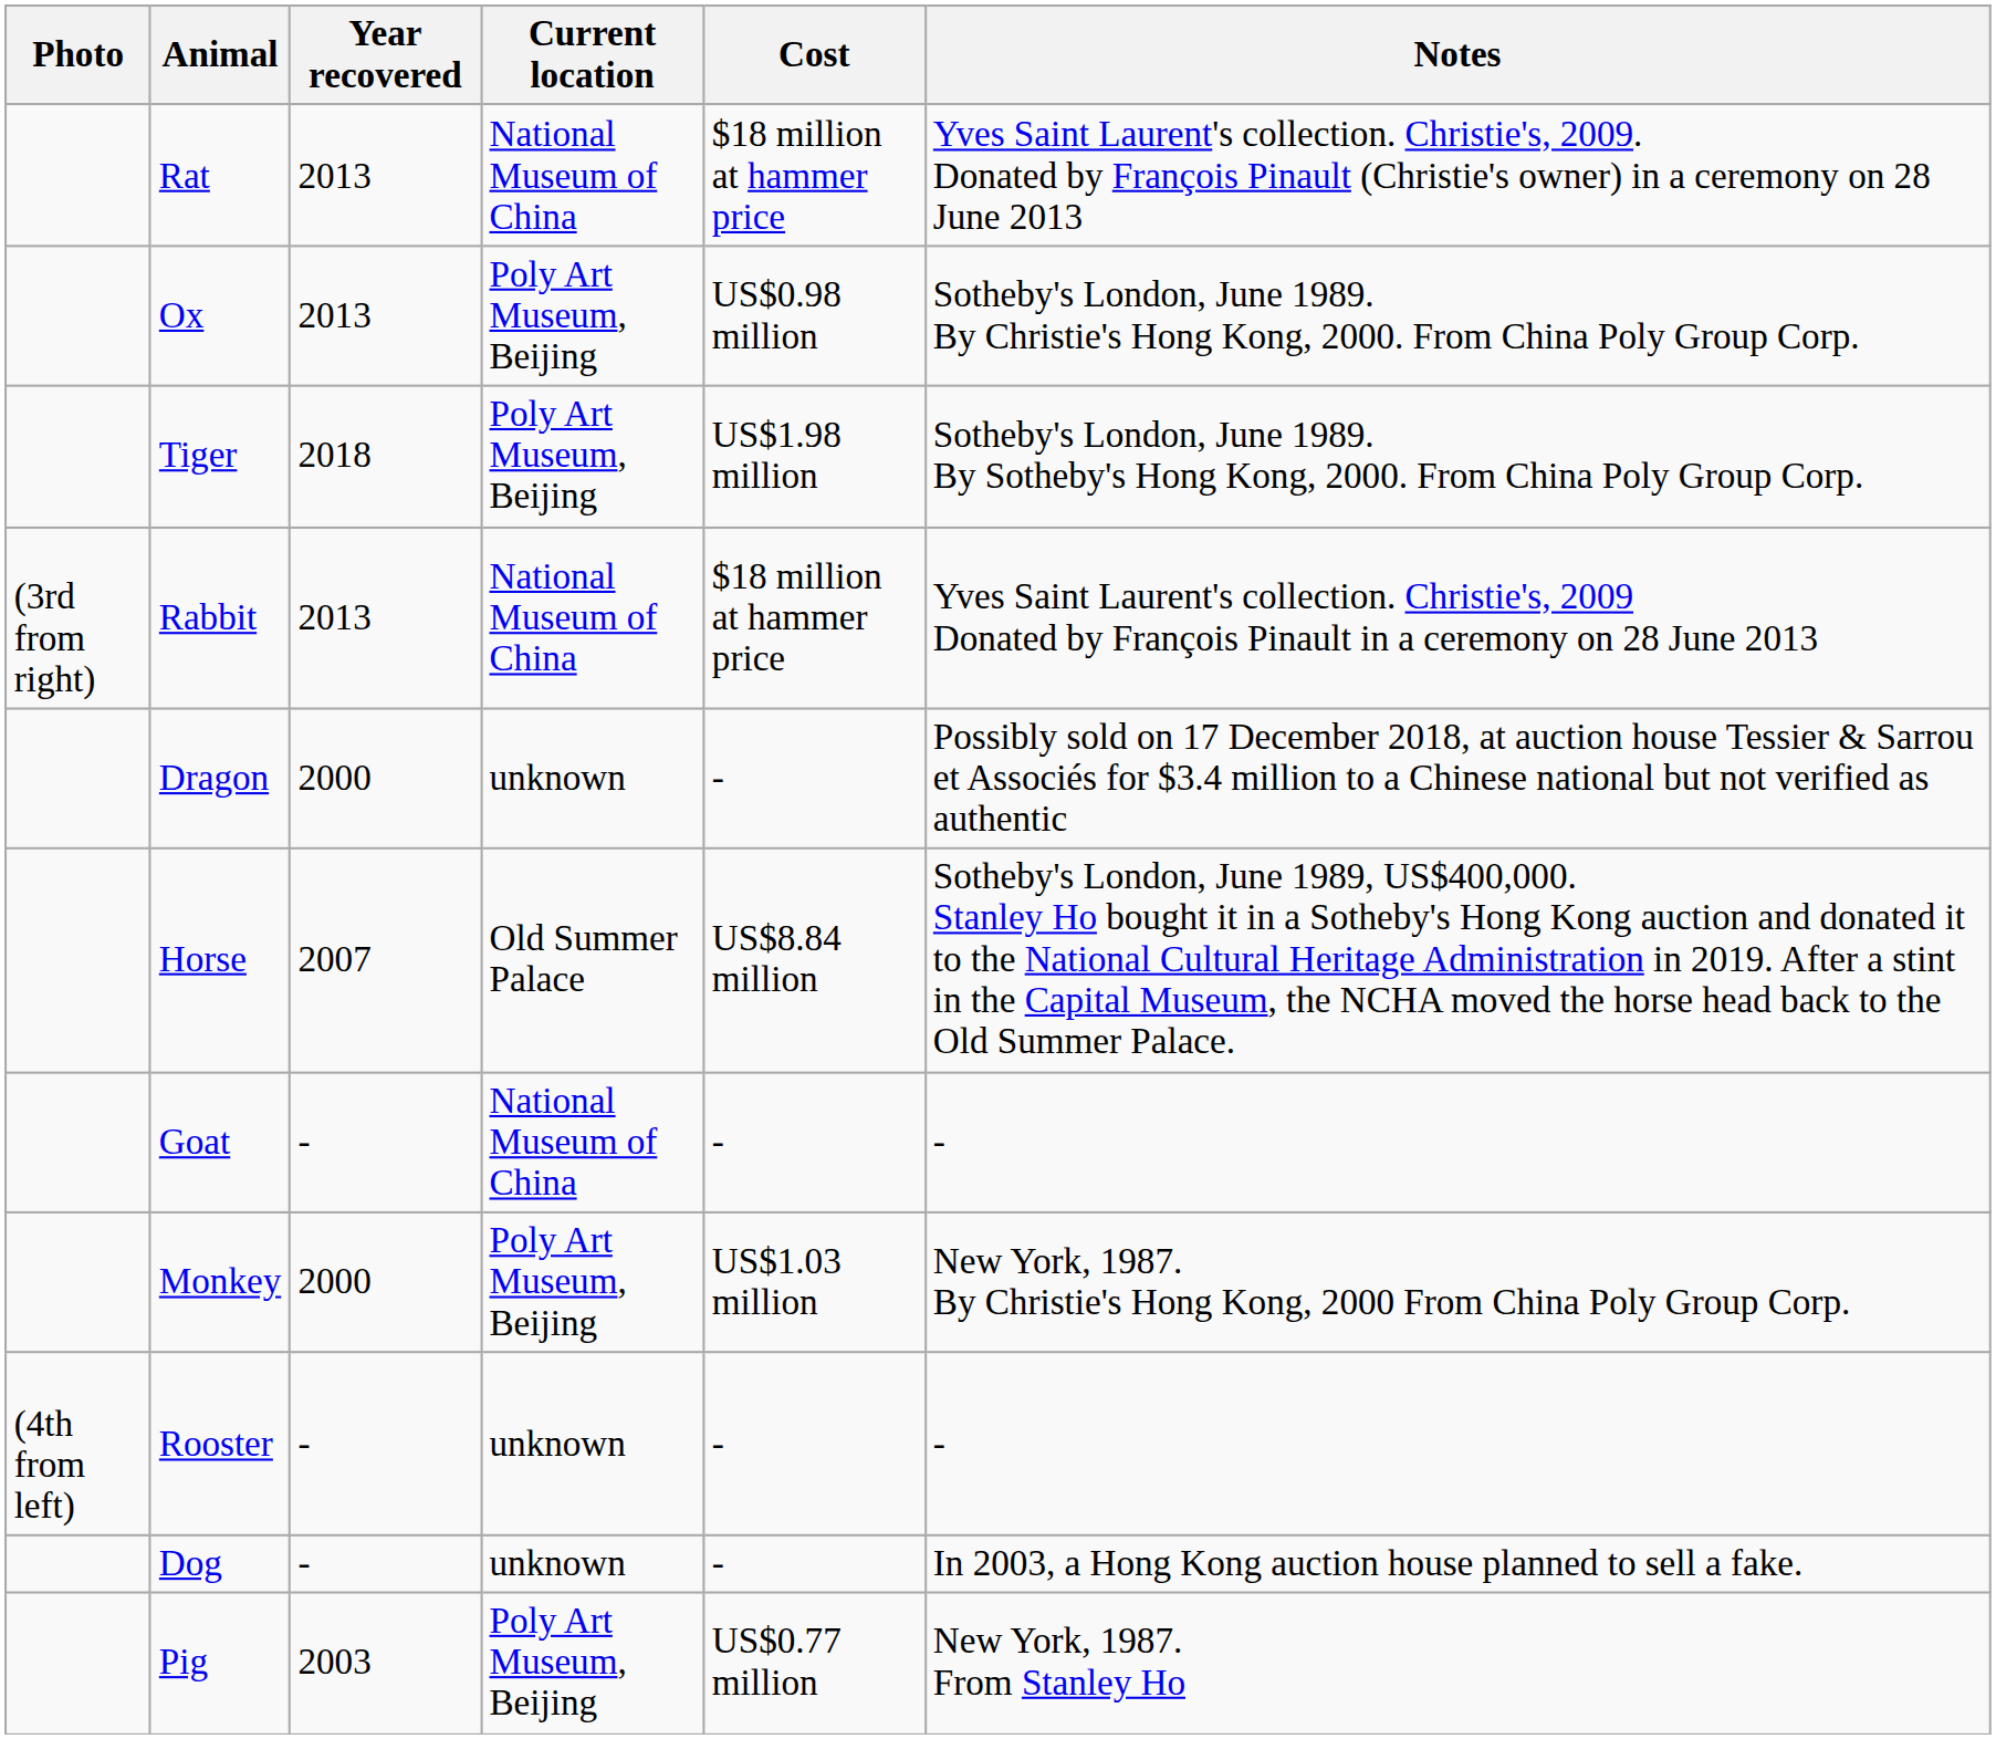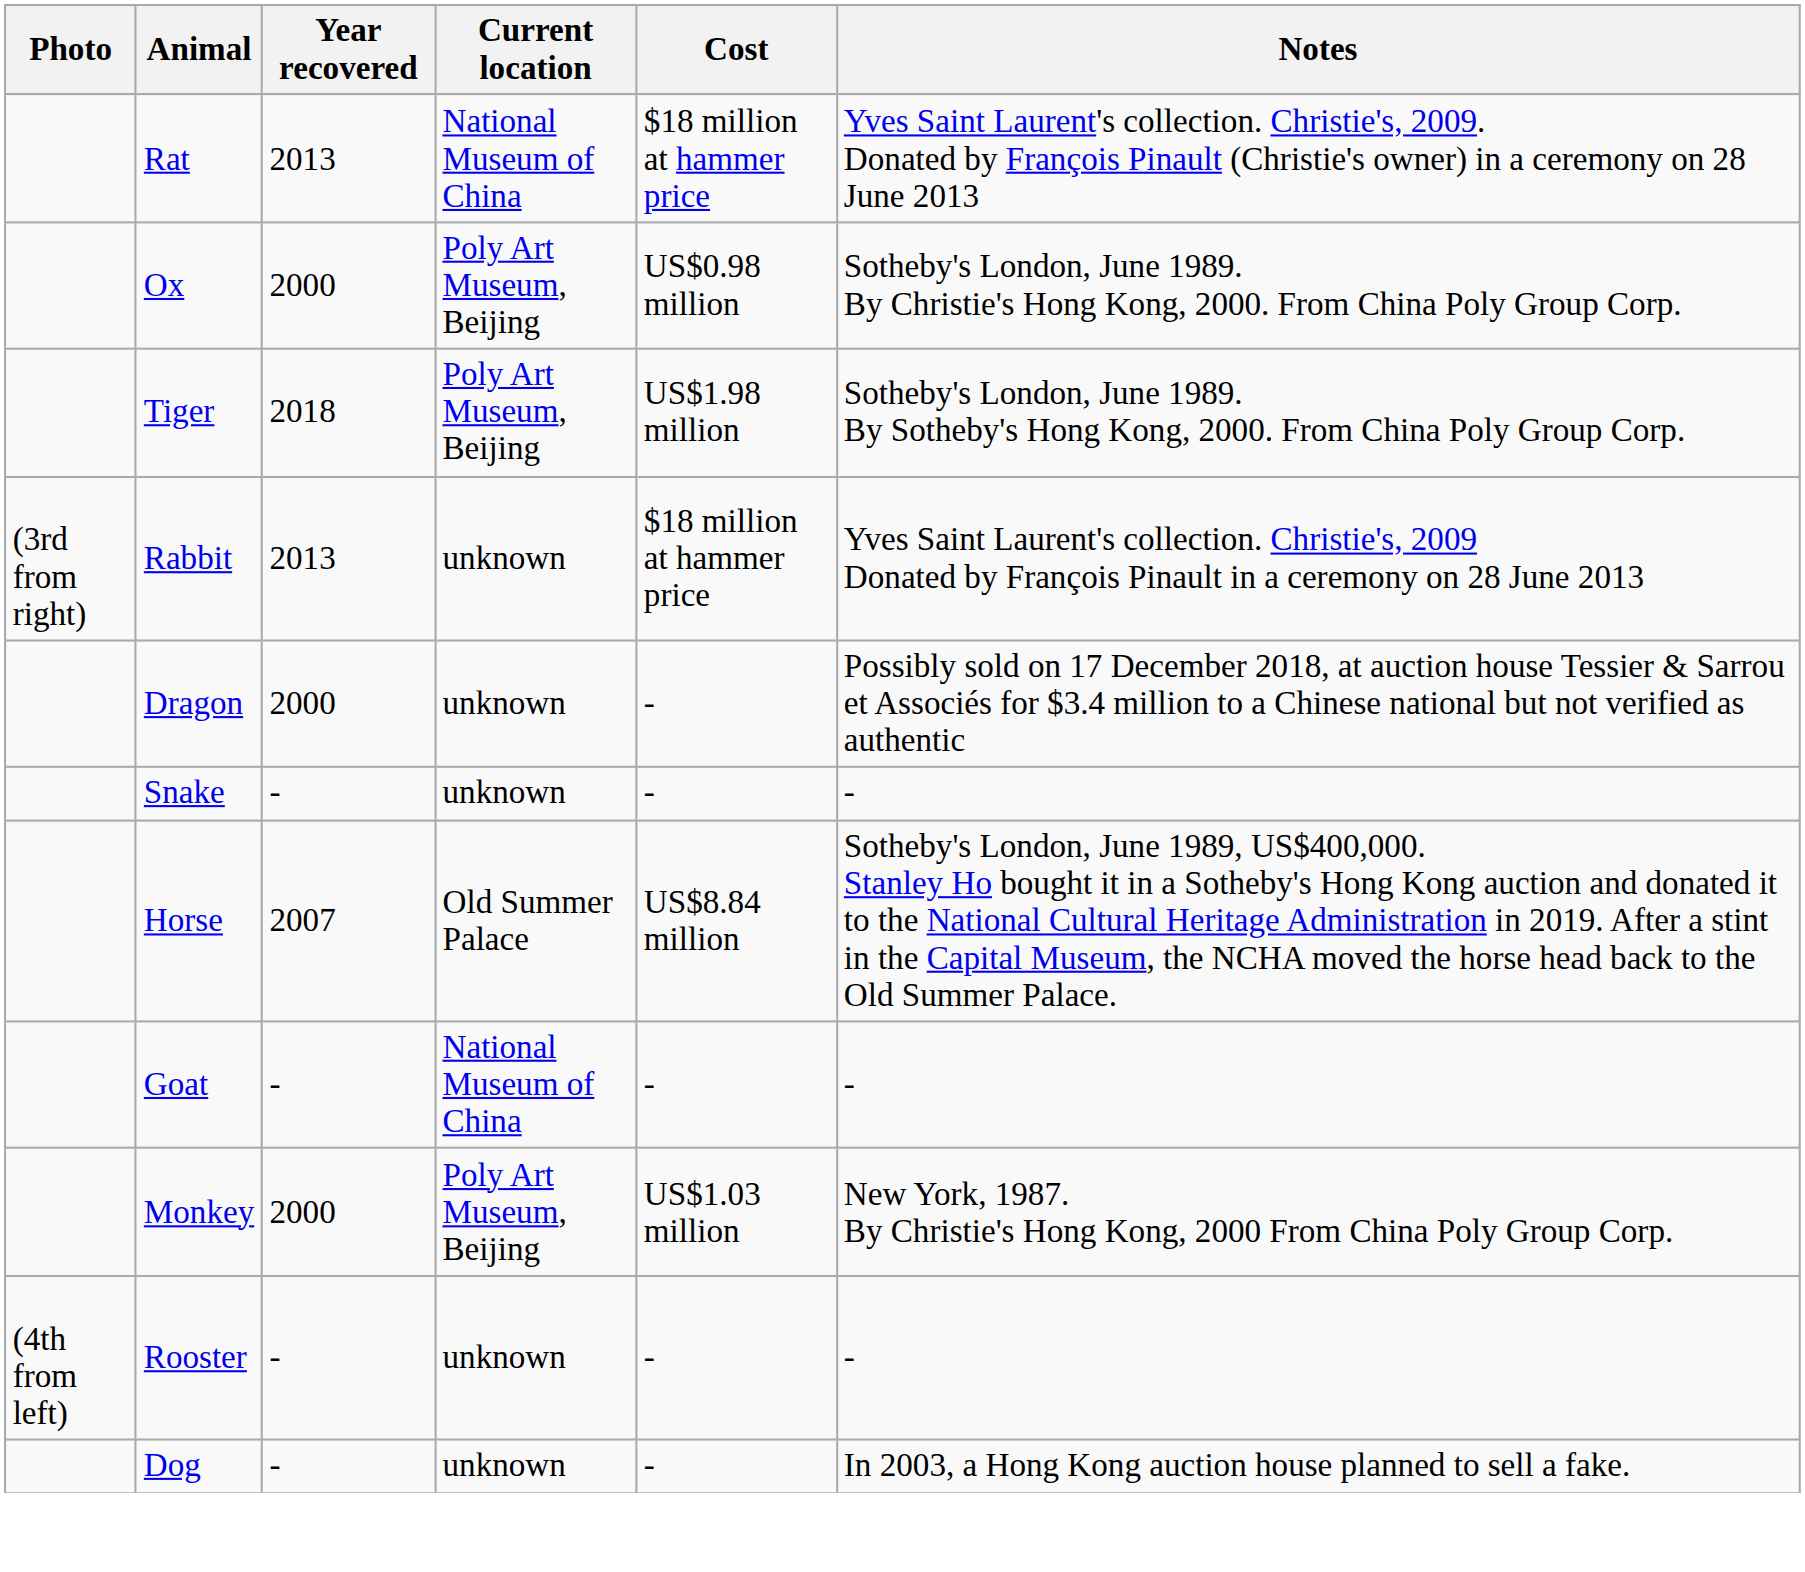 <table class="wikitable sortable">
 <tr>
 <th>Photo</th>
 <th>Animal</th>
 <th>Year recovered</th>
 <th>Current location</th>
 <th>Cost</th>
 <th>Notes</th>
 </tr>
 <tr>
 <td></td>
 <td><a href='#'>Rat</a></td>
 <td>2013</td>
 <td><a href='#'>National Museum of China</a></td>
 <td>$18 million at <a href='#'>hammer price</a></td>
 <td><a href='#'>Yves Saint Laurent</a>'s collection. <a href='#'>Christie's, 2009</a>.<br>Donated by <a href='#'>François Pinault</a> (Christie's owner) in a ceremony on 28 June 2013</td>
 </tr>
 <tr>
 <td></td>
 <td><a href='#'>Ox</a></td>
-<td>2013</td>
+<td>2000</td>
 <td><a href='#'>Poly Art Museum</a>, Beijing</td>
 <td>US$0.98 million</td>
 <td>Sotheby's London, June 1989.<br>By Christie's Hong Kong, 2000. From China Poly Group Corp.</td>
 </tr>
 <tr>
 <td></td>
 <td><a href='#'>Tiger</a></td>
 <td>2018</td>
 <td><a href='#'>Poly Art Museum</a>, Beijing</td>
 <td>US$1.98 million</td>
 <td>Sotheby's London, June 1989.<br>By Sotheby's Hong Kong, 2000. From 	China Poly Group Corp.</td>
 </tr>
 <tr>
 <td><br>(3rd from right)</td>
 <td><a href='#'>Rabbit</a></td>
 <td>2013</td>
-<td><a href='#'>National Museum of China</a></td>
+<td>unknown</td>
 <td>$18 million at hammer price</td>
 <td>Yves Saint Laurent's collection. <a href='#'>Christie's, 2009</a><br>Donated by François Pinault in a ceremony on 28 June 2013</td>
 </tr>
 <tr>
 <td></td>
 <td><a href='#'>Dragon</a></td>
 <td>2000</td>
 <td>unknown</td>
 <td>-</td>
 <td>Possibly sold on 17 December 2018, at auction house Tessier & Sarrou et Associés for $3.4 million to a Chinese national but not verified as authentic</td>
+</tr>
+<tr>
+<td></td>
+<td><a href='#'>Snake</a></td>
+<td>-</td>
+<td>unknown</td>
+<td>-</td>
+<td>-</td>
 </tr>
 <tr>
 <td></td>
 <td><a href='#'>Horse</a></td>
 <td>2007</td>
 <td>Old Summer Palace</td>
 <td>US$8.84 million</td>
 <td>Sotheby's London, June 1989, US$400,000.<br><a href='#'>Stanley Ho</a> bought it in a Sotheby's Hong Kong auction and donated it to the <a href='#'>National Cultural Heritage Administration</a> in 2019. After a stint in the <a href='#'>Capital Museum</a>, the NCHA moved the horse head back to the Old Summer Palace.</td>
 </tr>
 <tr>
 <td></td>
 <td><a href='#'>Goat</a></td>
 <td>-</td>
 <td><a href='#'>National Museum of China</a></td>
 <td>-</td>
 <td>-</td>
 </tr>
 <tr>
 <td></td>
 <td><a href='#'>Monkey</a></td>
 <td>2000</td>
 <td><a href='#'>Poly Art Museum</a>, Beijing</td>
 <td>US$1.03 million</td>
 <td>New York, 1987.<br>By Christie's Hong Kong, 2000 From 	China Poly Group Corp.</td>
 </tr>
 <tr>
 <td><br> (4th from left)</td>
 <td><a href='#'>Rooster</a></td>
 <td>-</td>
 <td>unknown</td>
 <td>-</td>
 <td>-</td>
 </tr>
 <tr>
 <td></td>
 <td><a href='#'>Dog</a></td>
 <td>-</td>
 <td>unknown</td>
 <td>-</td>
 <td>In 2003, a Hong Kong auction house planned to sell a fake.</td>
 </tr>
-<tr>
-<td></td>
-<td><a href='#'>Pig</a></td>
-<td>2003</td>
-<td><a href='#'>Poly Art Museum</a>, Beijing</td>
-<td>US$0.77 million</td>
-<td>New York, 1987.<br>From <a href='#'>Stanley Ho</a></td>
-</tr>
 </table>
